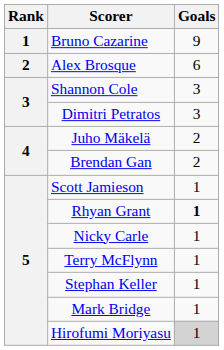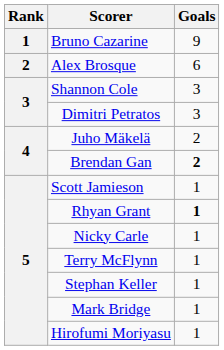 <table class="wikitable" style="text-align:center">
 <tr>
 <th>Rank</th>
 <th>Scorer</th>
 <th>Goals</th>
 </tr>
 <tr>
 <th>1</th>
 <td align="left"> <a href='#'>Bruno Cazarine</a></td>
 <td>9</td>
 </tr>
 <tr>
 <th>2</th>
 <td align="left"> <a href='#'>Alex Brosque</a></td>
 <td>6</td>
 </tr>
 <tr>
 <th rowspan="2">3</th>
 <td align="left"> <a href='#'>Shannon Cole</a></td>
 <td>3</td>
 </tr>
 <tr>
 <td> <a href='#'>Dimitri Petratos</a></td>
 <td>3</td>
 </tr>
 <tr>
 <th rowspan="2">4</th>
 <td> <a href='#'>Juho Mäkelä</a></td>
 <td>2</td>
 </tr>
 <tr>
 <td> <a href='#'>Brendan Gan</a></td>
-<td>2</td>
+<td><strong>2</strong></td>
 </tr>
 <tr>
 <th rowspan="8">5</th>
 <td align="left"> <a href='#'>Scott Jamieson</a></td>
 <td>1</td>
 </tr>
 <tr>
 <td> <a href='#'>Rhyan Grant</a></td>
 <td><strong>1</strong></td>
 </tr>
 <tr>
 <td> <a href='#'>Nicky Carle</a></td>
 <td>1</td>
 </tr>
 <tr>
 <td> <a href='#'>Terry McFlynn</a></td>
 <td>1</td>
 </tr>
 <tr>
 <td> <a href='#'>Stephan Keller</a></td>
 <td>1</td>
 </tr>
 <tr>
 <td> <a href='#'>Mark Bridge</a></td>
 <td>1</td>
 </tr>
 <tr>
 <td> <a href='#'>Hirofumi Moriyasu</a></td>
-<td style="background: lightgrey;">1</td>
+<td>1</td>
 </tr>
 </table>
